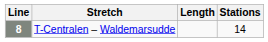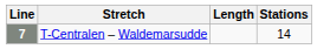 <table class="wikitable" style="margin: 1em auto 1em auto;">
 <tr>
 <th>Line</th>
 <th>Stretch</th>
 <th>Length</th>
 <th>Stations</th>
 </tr>
 <tr>
-<td align="center" style="color: white; background-color: #7f867e"><strong>8</strong></td>
+<td align="center" style="color: white; background-color: #7f867e"><strong>7</strong></td>
 <td><a href='#'>T-Centralen</a> – <a href='#'>Waldemarsudde</a></td>
 <td></td>
 <td align="center">14</td>
 </tr>
 </table>
